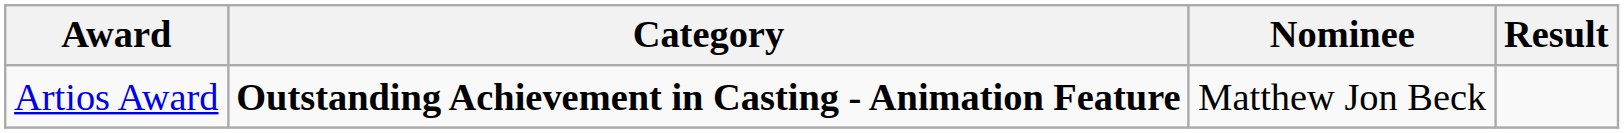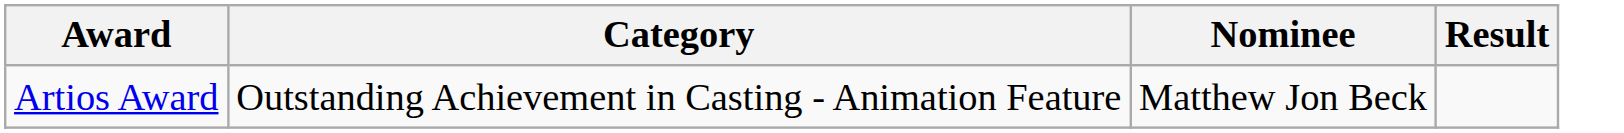 <table class="wikitable sortable">
 <tr>
 <th>Award</th>
 <th>Category</th>
 <th>Nominee</th>
 <th>Result</th>
 </tr>
 <tr>
 <td rowspan="2"><a href='#'>Artios Award</a></td>
-<td><strong>Outstanding Achievement in Casting - Animation Feature</strong></td>
+<td>Outstanding Achievement in Casting - Animation Feature</td>
 <td>Matthew Jon Beck</td>
 <td></td>
 </tr>
 </table>
